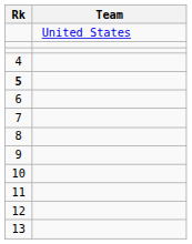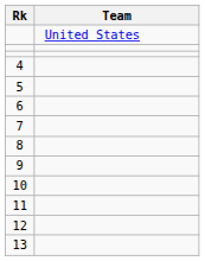 <table class=wikitable style=text-align:center>
 <tr>
 <th width=25>Rk</th>
 <th width=170>Team</th>
 </tr>
 <tr>
 <td></td>
 <td align=left> <a href='#'>United States</a></td>
 </tr>
 <tr>
 <td></td>
 <td align=left></td>
 </tr>
 <tr>
 <td></td>
 <td align=left></td>
 </tr>
 <tr>
 <td>4</td>
 <td align=left></td>
 </tr>
 <tr>
-<td><strong>5</strong></td>
+<td>5</td>
 <td align=left></td>
 </tr>
 <tr>
 <td>6</td>
 <td align=left></td>
 </tr>
 <tr>
 <td>7</td>
 <td align=left></td>
 </tr>
 <tr>
 <td>8</td>
 <td align=left></td>
 </tr>
 <tr>
 <td>9</td>
 <td align=left></td>
 </tr>
 <tr>
 <td>10</td>
 <td align=left></td>
 </tr>
 <tr>
 <td>11</td>
 <td align=left></td>
 </tr>
 <tr>
 <td>12</td>
 <td align=left></td>
 </tr>
 <tr>
 <td>13</td>
 <td align=left></td>
 </tr>
 </table>
